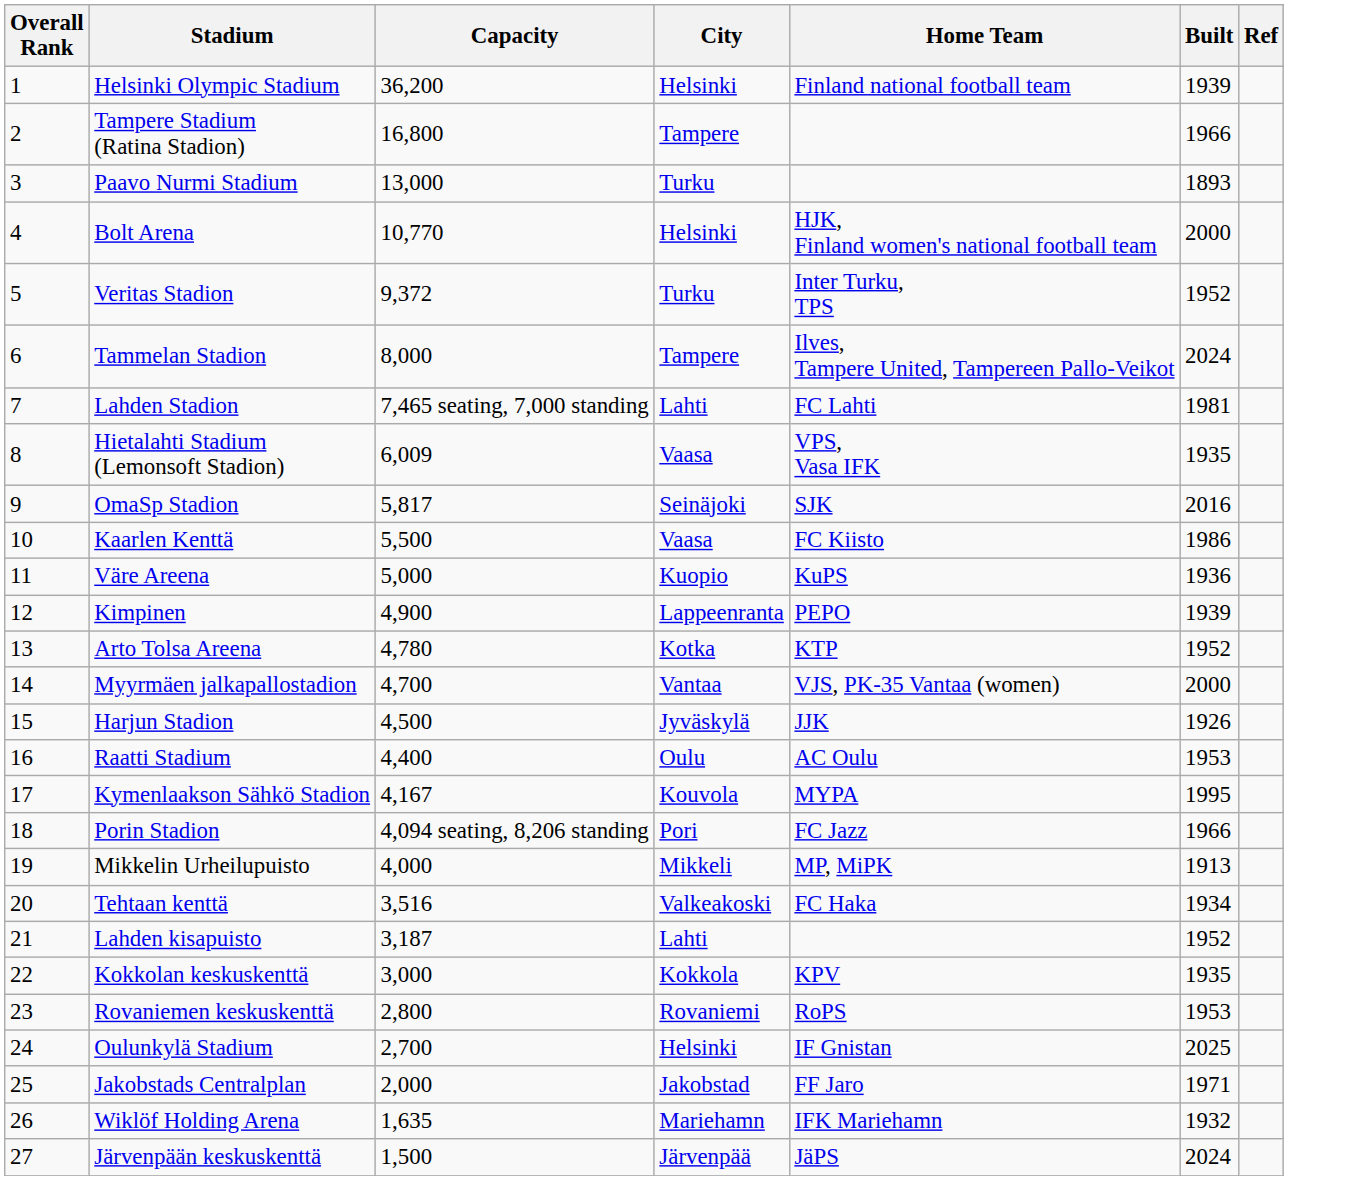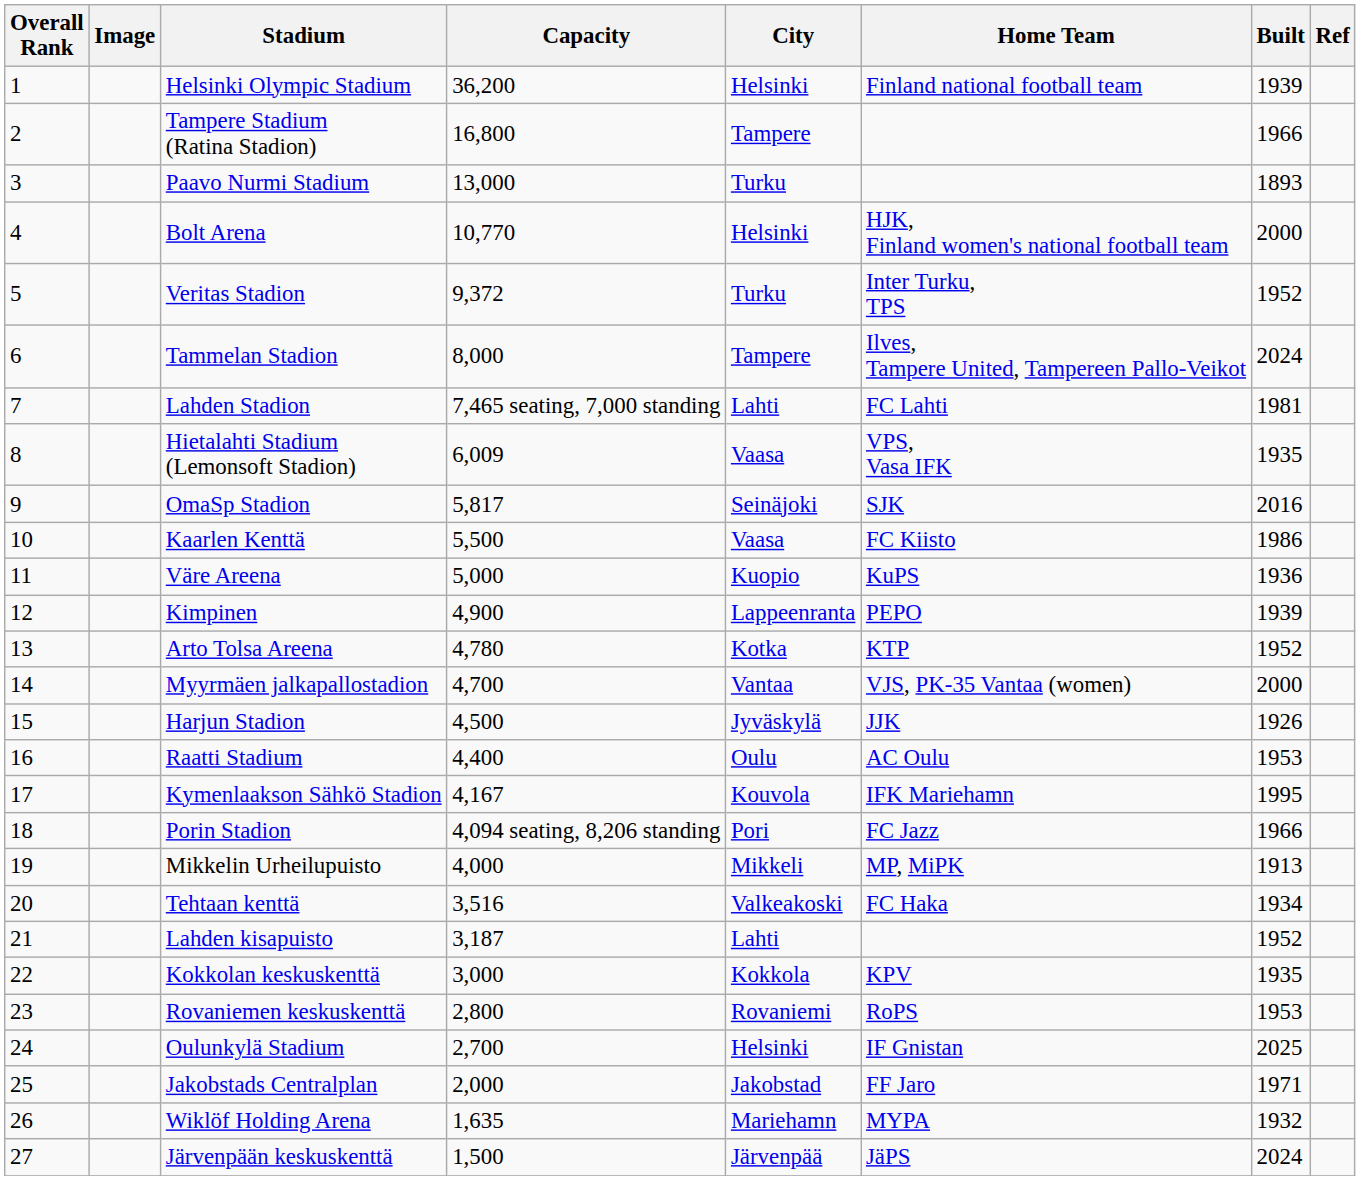 <table class="wikitable sortable">
 <tr>
 <th>Overall<br>Rank</th>
+<th>Image</th>
 <th>Stadium</th>
 <th>Capacity</th>
 <th>City</th>
 <th>Home Team</th>
 <th>Built</th>
 <th>Ref</th>
 </tr>
 <tr>
 <td>1</td>
+<td></td>
 <td><a href='#'>Helsinki Olympic Stadium</a></td>
 <td>36,200</td>
 <td><a href='#'>Helsinki</a></td>
 <td><a href='#'>Finland national football team</a></td>
 <td>1939</td>
 <td></td>
 </tr>
 <tr>
 <td>2</td>
+<td></td>
 <td><a href='#'>Tampere Stadium</a><br>(Ratina Stadion)</td>
 <td>16,800</td>
 <td><a href='#'>Tampere</a></td>
 <td></td>
 <td>1966</td>
 <td></td>
 </tr>
 <tr>
 <td>3</td>
+<td></td>
 <td><a href='#'>Paavo Nurmi Stadium</a></td>
 <td>13,000</td>
 <td><a href='#'>Turku</a></td>
 <td></td>
 <td>1893</td>
 <td></td>
 </tr>
 <tr>
 <td>4</td>
+<td></td>
 <td><a href='#'>Bolt Arena</a></td>
 <td>10,770</td>
 <td><a href='#'>Helsinki</a></td>
 <td><a href='#'>HJK</a>,<br><a href='#'>Finland women's national football team</a></td>
 <td>2000</td>
 <td></td>
 </tr>
 <tr>
 <td>5</td>
+<td></td>
 <td><a href='#'>Veritas Stadion</a></td>
 <td>9,372</td>
 <td><a href='#'>Turku</a></td>
 <td><a href='#'>Inter Turku</a>,<br><a href='#'>TPS</a></td>
 <td>1952</td>
 <td></td>
 </tr>
 <tr>
 <td>6</td>
+<td></td>
 <td><a href='#'>Tammelan Stadion</a></td>
 <td>8,000</td>
 <td><a href='#'>Tampere</a></td>
 <td><a href='#'>Ilves</a>,<br><a href='#'>Tampere United</a>, <a href='#'>Tampereen Pallo-Veikot</a></td>
 <td>2024</td>
 <td></td>
 </tr>
 <tr>
 <td>7</td>
+<td></td>
 <td><a href='#'>Lahden Stadion</a></td>
 <td>7,465 seating, 7,000 standing</td>
 <td><a href='#'>Lahti</a></td>
 <td><a href='#'>FC Lahti</a></td>
 <td>1981</td>
 <td></td>
 </tr>
 <tr>
 <td>8</td>
+<td></td>
 <td><a href='#'>Hietalahti Stadium</a><br>(Lemonsoft Stadion)</td>
 <td>6,009</td>
 <td><a href='#'>Vaasa</a></td>
 <td><a href='#'>VPS</a>,<br><a href='#'>Vasa IFK</a></td>
 <td>1935</td>
 <td></td>
 </tr>
 <tr>
 <td>9</td>
+<td></td>
 <td><a href='#'>OmaSp Stadion</a></td>
 <td>5,817</td>
 <td><a href='#'>Seinäjoki</a></td>
 <td><a href='#'>SJK</a></td>
 <td>2016</td>
 <td></td>
 </tr>
 <tr>
 <td>10</td>
+<td></td>
 <td><a href='#'>Kaarlen Kenttä</a></td>
 <td>5,500</td>
 <td><a href='#'>Vaasa</a></td>
 <td><a href='#'>FC Kiisto</a></td>
 <td>1986</td>
 <td></td>
 </tr>
 <tr>
 <td>11</td>
+<td></td>
 <td><a href='#'>Väre Areena</a></td>
 <td>5,000</td>
 <td><a href='#'>Kuopio</a></td>
 <td><a href='#'>KuPS</a></td>
 <td>1936</td>
 <td></td>
 </tr>
 <tr>
 <td>12</td>
+<td></td>
 <td><a href='#'>Kimpinen</a></td>
 <td>4,900</td>
 <td><a href='#'>Lappeenranta</a></td>
 <td><a href='#'>PEPO</a></td>
 <td>1939</td>
 <td></td>
 </tr>
 <tr>
 <td>13</td>
+<td></td>
 <td><a href='#'>Arto Tolsa Areena</a></td>
 <td>4,780</td>
 <td><a href='#'>Kotka</a></td>
 <td><a href='#'>KTP</a></td>
 <td>1952</td>
 <td></td>
 </tr>
 <tr>
 <td>14</td>
+<td></td>
 <td><a href='#'>Myyrmäen jalkapallostadion</a></td>
 <td>4,700</td>
 <td><a href='#'>Vantaa</a></td>
 <td><a href='#'>VJS</a>, <a href='#'>PK-35 Vantaa</a> (women)</td>
 <td>2000</td>
 <td></td>
 </tr>
 <tr>
 <td>15</td>
+<td></td>
 <td><a href='#'>Harjun Stadion</a></td>
 <td>4,500</td>
 <td><a href='#'>Jyväskylä</a></td>
 <td><a href='#'>JJK</a></td>
 <td>1926</td>
 <td></td>
 </tr>
 <tr>
 <td>16</td>
+<td></td>
 <td><a href='#'>Raatti Stadium</a></td>
 <td>4,400</td>
 <td><a href='#'>Oulu</a></td>
 <td><a href='#'>AC Oulu</a></td>
 <td>1953</td>
 <td></td>
 </tr>
 <tr>
 <td>17</td>
+<td></td>
 <td><a href='#'>Kymenlaakson Sähkö Stadion</a></td>
 <td>4,167</td>
 <td><a href='#'>Kouvola</a></td>
-<td><a href='#'>MYPA</a></td>
+<td><a href='#'>IFK Mariehamn</a></td>
 <td>1995</td>
 <td></td>
 </tr>
 <tr>
 <td>18</td>
+<td></td>
 <td><a href='#'>Porin Stadion</a></td>
 <td>4,094 seating, 8,206 standing</td>
 <td><a href='#'>Pori</a></td>
 <td><a href='#'>FC Jazz</a></td>
 <td>1966</td>
 <td></td>
 </tr>
 <tr>
 <td>19</td>
+<td></td>
 <td>Mikkelin Urheilupuisto</td>
 <td>4,000</td>
 <td><a href='#'>Mikkeli</a></td>
 <td><a href='#'>MP</a>, <a href='#'>MiPK</a></td>
 <td>1913</td>
 <td></td>
 </tr>
 <tr>
 <td>20</td>
+<td></td>
 <td><a href='#'>Tehtaan kenttä</a></td>
 <td>3,516</td>
 <td><a href='#'>Valkeakoski</a></td>
 <td><a href='#'>FC Haka</a></td>
 <td>1934</td>
 <td></td>
 </tr>
 <tr>
 <td>21</td>
+<td></td>
 <td><a href='#'>Lahden kisapuisto</a></td>
 <td>3,187</td>
 <td><a href='#'>Lahti</a></td>
 <td></td>
 <td>1952</td>
 <td></td>
 </tr>
 <tr>
 <td>22</td>
+<td></td>
 <td><a href='#'>Kokkolan keskuskenttä</a></td>
 <td>3,000</td>
 <td><a href='#'>Kokkola</a></td>
 <td><a href='#'>KPV</a></td>
 <td>1935</td>
 <td></td>
 </tr>
 <tr>
 <td>23</td>
+<td></td>
 <td><a href='#'>Rovaniemen keskuskenttä</a></td>
 <td>2,800</td>
 <td><a href='#'>Rovaniemi</a></td>
 <td><a href='#'>RoPS</a></td>
 <td>1953</td>
 <td></td>
 </tr>
 <tr>
 <td>24</td>
+<td></td>
 <td><a href='#'>Oulunkylä Stadium</a></td>
 <td>2,700</td>
 <td><a href='#'>Helsinki</a></td>
 <td><a href='#'>IF Gnistan</a></td>
 <td>2025</td>
 <td></td>
 </tr>
 <tr>
 <td>25</td>
+<td></td>
 <td><a href='#'>Jakobstads Centralplan</a></td>
 <td>2,000</td>
 <td><a href='#'>Jakobstad</a></td>
 <td><a href='#'>FF Jaro</a></td>
 <td>1971</td>
 <td></td>
 </tr>
 <tr>
 <td>26</td>
+<td></td>
 <td><a href='#'>Wiklöf Holding Arena</a></td>
 <td>1,635</td>
 <td><a href='#'>Mariehamn</a></td>
-<td><a href='#'>IFK Mariehamn</a></td>
+<td><a href='#'>MYPA</a></td>
 <td>1932</td>
 <td></td>
 </tr>
 <tr>
 <td>27</td>
+<td></td>
 <td><a href='#'>Järvenpään keskuskenttä</a></td>
 <td>1,500</td>
 <td><a href='#'>Järvenpää</a></td>
 <td><a href='#'>JäPS</a></td>
 <td>2024</td>
 <td></td>
 </tr>
 </table>
